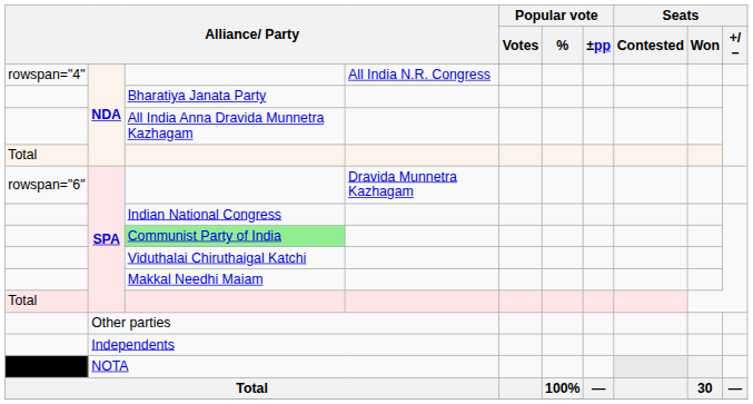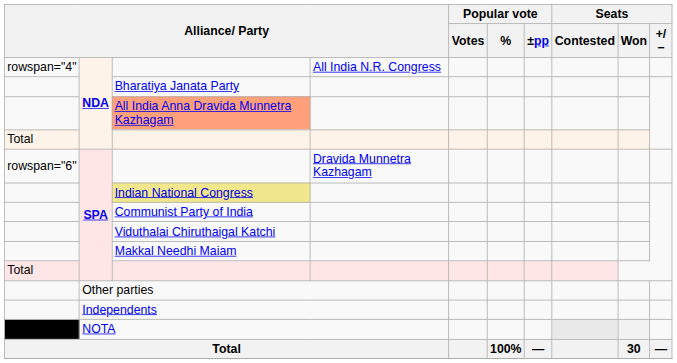 <table class="wikitable sortable">
 <tr>
 <th colspan="4" rowspan="2">Alliance/ Party</th>
 <th colspan="3">Popular vote</th>
 <th colspan="3">Seats</th>
 </tr>
 <tr>
 <th>Votes</th>
 <th>%</th>
 <th>±<a href='#'>pp</a></th>
 <th>Contested</th>
 <th>Won</th>
 <th><strong>+/−</strong></th>
 </tr>
 <tr>
 <td>rowspan="4" </td>
 <th rowspan="4" style="background:#fef3e8"><a href='#'>NDA</a></th>
 <td></td>
 <td><a href='#'>All India N.R. Congress</a></td>
 <td></td>
 <td></td>
 <td></td>
 <td></td>
 <td></td>
 <td></td>
 </tr>
 <tr>
 <td></td>
 <td><a href='#'>Bharatiya Janata Party</a></td>
 <td></td>
 <td></td>
 <td></td>
 <td></td>
 <td></td>
 <td></td>
 </tr>
 <tr>
 <td></td>
-<td><a href='#'>All India Anna Dravida Munnetra Kazhagam</a></td>
+<td style="background: lightsalmon;"><a href='#'>All India Anna Dravida Munnetra Kazhagam</a></td>
 <td></td>
 <td></td>
 <td></td>
 <td></td>
 <td></td>
 <td></td>
 </tr>
 <tr>
 <td colspan="3"style="background:#fef3e8">Total</td>
 <td style="color:inherit;background:#fef3e8"></td>
 <td style="color:inherit;background:#fef3e8"></td>
 <td style="color:inherit;background:#fef3e8"></td>
 <td style="color:inherit;background:#fef3e8"></td>
 <td style="color:inherit;background:#fef3e8"></td>
 <td style="color:inherit;background:#fef3e8"></td>
 </tr>
 <tr>
 <td>rowspan="6" </td>
 <th rowspan="6" style="background:#FFE6E6"><a href='#'>SPA</a></th>
 <td></td>
 <td><a href='#'>Dravida Munnetra Kazhagam</a></td>
 <td></td>
 <td></td>
 <td></td>
 <td></td>
 <td></td>
 <td></td>
 </tr>
 <tr>
 <td></td>
-<td><a href='#'>Indian National Congress</a></td>
+<td style="background: khaki;"><a href='#'>Indian National Congress</a></td>
 <td></td>
 <td></td>
 <td></td>
 <td></td>
 <td></td>
 <td></td>
 </tr>
 <tr>
 <td></td>
-<td style="background: lightgreen;"><a href='#'>Communist Party of India</a></td>
+<td><a href='#'>Communist Party of India</a></td>
 <td></td>
 <td></td>
 <td></td>
 <td></td>
 <td></td>
 <td></td>
 </tr>
 <tr>
 <td></td>
 <td><a href='#'>Viduthalai Chiruthaigal Katchi</a></td>
 <td></td>
 <td></td>
 <td></td>
 <td></td>
 <td></td>
 <td></td>
 </tr>
 <tr>
 <td></td>
 <td><a href='#'>Makkal Needhi Maiam</a></td>
 <td></td>
 <td></td>
 <td></td>
 <td></td>
 <td></td>
 <td></td>
 </tr>
 <tr>
 <td colspan="2"style="background:#FFE6E6">Total</td>
 <td style="color:inherit;background:#FFE6E6"></td>
 <td style="color:inherit;background:#FFE6E6"></td>
 <td style="color:inherit;background:#FFE6E6"></td>
 <td style="color:inherit;background:#FFE6E6"></td>
 <td style="color:inherit;background:#FFE6E6"></td>
 <td style="color:inherit;background:#FFE6E6"></td>
 </tr>
 <tr>
 <td></td>
 <td colspan="3">Other parties</td>
 <td></td>
 <td></td>
 <td></td>
 <td></td>
 <td></td>
 <td></td>
 </tr>
 <tr>
 <td></td>
 <td colspan="3"><a href='#'>Independents</a></td>
 <td></td>
 <td></td>
 <td></td>
 <td></td>
 <td></td>
 <td></td>
 </tr>
 <tr>
 <td style="background:Black; color:White"></td>
 <td colspan="3"><a href='#'>NOTA</a></td>
 <td></td>
 <td></td>
 <td></td>
 <th style="background-color:#E9E9E9"></th>
 <th></th>
 <td></td>
 </tr>
 <tr>
 <th colspan="4">Total</th>
 <th></th>
 <th>100%</th>
 <th>—</th>
 <th></th>
 <th>30</th>
 <th>—</th>
 </tr>
 <tr>
 </tr>
 </table>
